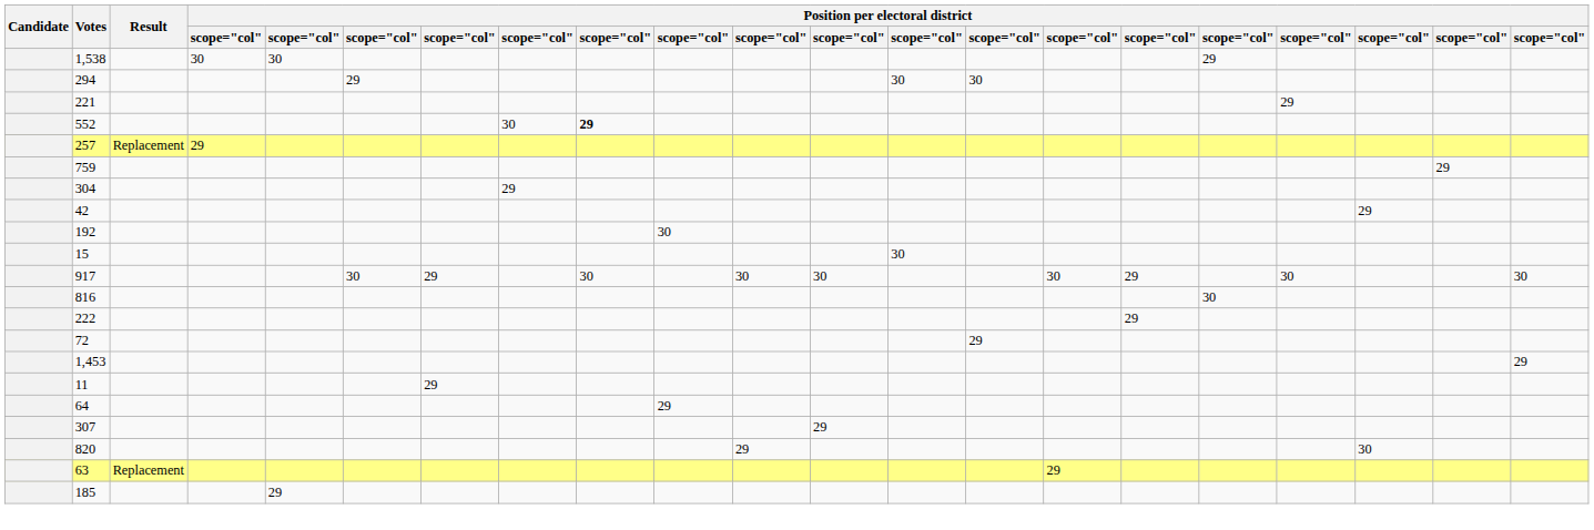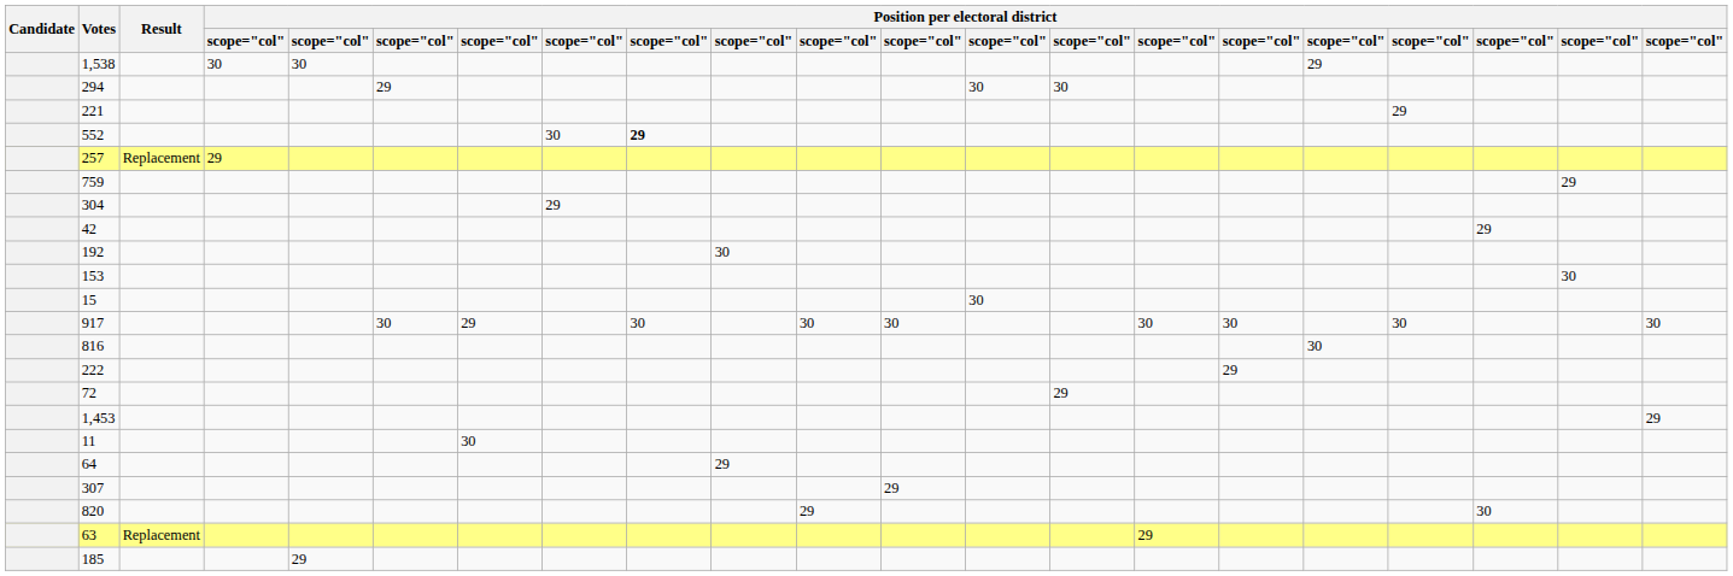 <table class="wikitable sortable defaultright col3left">
 <tr>
 <th scope="col" rowspan="2">Candidate</th>
 <th scope="col" rowspan="2">Votes</th>
 <th scope="col" rowspan="2">Result</th>
 <th scope="col" colspan="18">Position per electoral district</th>
 </tr>
 <tr>
 <th>scope="col" </th>
 <th>scope="col" </th>
 <th>scope="col" </th>
 <th>scope="col" </th>
 <th>scope="col" </th>
 <th>scope="col" </th>
 <th>scope="col" </th>
 <th>scope="col" </th>
 <th>scope="col" </th>
 <th>scope="col" </th>
 <th>scope="col" </th>
 <th>scope="col" </th>
 <th>scope="col" </th>
 <th>scope="col" </th>
 <th>scope="col" </th>
 <th>scope="col" </th>
 <th>scope="col" </th>
 <th>scope="col" </th>
 </tr>
 <tr>
 <th scope="row"></th>
 <td>1,538</td>
 <td></td>
 <td>30</td>
 <td>30</td>
 <td></td>
 <td></td>
 <td></td>
 <td></td>
 <td></td>
 <td></td>
 <td></td>
 <td></td>
 <td></td>
 <td></td>
 <td></td>
 <td>29</td>
 <td></td>
 <td></td>
 <td></td>
 <td></td>
 </tr>
 <tr>
 <th scope="row"></th>
 <td>294</td>
 <td></td>
 <td></td>
 <td></td>
 <td>29</td>
 <td></td>
 <td></td>
 <td></td>
 <td></td>
 <td></td>
 <td></td>
 <td>30</td>
 <td>30</td>
 <td></td>
 <td></td>
 <td></td>
 <td></td>
 <td></td>
 <td></td>
 <td></td>
 </tr>
 <tr>
 <th scope="row"></th>
 <td>221</td>
 <td></td>
 <td></td>
 <td></td>
 <td></td>
 <td></td>
 <td></td>
 <td></td>
 <td></td>
 <td></td>
 <td></td>
 <td></td>
 <td></td>
 <td></td>
 <td></td>
 <td></td>
 <td>29</td>
 <td></td>
 <td></td>
 <td></td>
 </tr>
 <tr>
 <th scope="row"></th>
 <td>552</td>
 <td></td>
 <td></td>
 <td></td>
 <td></td>
 <td></td>
 <td>30</td>
 <td><strong>29</strong></td>
 <td></td>
 <td></td>
 <td></td>
 <td></td>
 <td></td>
 <td></td>
 <td></td>
 <td></td>
 <td></td>
 <td></td>
 <td></td>
 <td></td>
 </tr>
 <tr bgcolor=#FF8>
 <th scope="row"></th>
 <td>257</td>
 <td>Replacement</td>
 <td>29</td>
 <td></td>
 <td></td>
 <td></td>
 <td></td>
 <td></td>
 <td></td>
 <td></td>
 <td></td>
 <td></td>
 <td></td>
 <td></td>
 <td></td>
 <td></td>
 <td></td>
 <td></td>
 <td></td>
 <td></td>
 </tr>
 <tr>
 <th scope="row"></th>
 <td>759</td>
 <td></td>
 <td></td>
 <td></td>
 <td></td>
 <td></td>
 <td></td>
 <td></td>
 <td></td>
 <td></td>
 <td></td>
 <td></td>
 <td></td>
 <td></td>
 <td></td>
 <td></td>
 <td></td>
 <td></td>
 <td>29</td>
 <td></td>
 </tr>
 <tr>
 <th scope="row"></th>
 <td>304</td>
 <td></td>
 <td></td>
 <td></td>
 <td></td>
 <td></td>
 <td>29</td>
 <td></td>
 <td></td>
 <td></td>
 <td></td>
 <td></td>
 <td></td>
 <td></td>
 <td></td>
 <td></td>
 <td></td>
 <td></td>
 <td></td>
 <td></td>
 </tr>
 <tr>
 <th scope="row"></th>
 <td>42</td>
 <td></td>
 <td></td>
 <td></td>
 <td></td>
 <td></td>
 <td></td>
 <td></td>
 <td></td>
 <td></td>
 <td></td>
 <td></td>
 <td></td>
 <td></td>
 <td></td>
 <td></td>
 <td></td>
 <td>29</td>
 <td></td>
 <td></td>
 </tr>
 <tr>
 <th scope="row"></th>
 <td>192</td>
 <td></td>
 <td></td>
 <td></td>
 <td></td>
 <td></td>
 <td></td>
 <td></td>
 <td>30</td>
 <td></td>
 <td></td>
 <td></td>
 <td></td>
 <td></td>
 <td></td>
 <td></td>
 <td></td>
 <td></td>
 <td></td>
 <td></td>
 </tr>
 <tr>
 <th scope="row"></th>
+<td>153</td>
+<td></td>
+<td></td>
+<td></td>
+<td></td>
+<td></td>
+<td></td>
+<td></td>
+<td></td>
+<td></td>
+<td></td>
+<td></td>
+<td></td>
+<td></td>
+<td></td>
+<td></td>
+<td></td>
+<td></td>
+<td>30</td>
+<td></td>
+</tr>
+<tr>
+<th scope="row"></th>
 <td>15</td>
 <td></td>
 <td></td>
 <td></td>
 <td></td>
 <td></td>
 <td></td>
 <td></td>
 <td></td>
 <td></td>
 <td></td>
 <td>30</td>
 <td></td>
 <td></td>
 <td></td>
 <td></td>
 <td></td>
 <td></td>
 <td></td>
 <td></td>
 </tr>
 <tr>
 <th scope="row"></th>
 <td>917</td>
 <td></td>
 <td></td>
 <td></td>
 <td>30</td>
 <td>29</td>
 <td></td>
 <td>30</td>
 <td></td>
 <td>30</td>
 <td>30</td>
 <td></td>
 <td></td>
 <td>30</td>
-<td>29</td>
+<td>30</td>
 <td></td>
 <td>30</td>
 <td></td>
 <td></td>
 <td>30</td>
 </tr>
 <tr>
 <th scope="row"></th>
 <td>816</td>
 <td></td>
 <td></td>
 <td></td>
 <td></td>
 <td></td>
 <td></td>
 <td></td>
 <td></td>
 <td></td>
 <td></td>
 <td></td>
 <td></td>
 <td></td>
 <td></td>
 <td>30</td>
 <td></td>
 <td></td>
 <td></td>
 <td></td>
 </tr>
 <tr>
 <th scope="row"></th>
 <td>222</td>
 <td></td>
 <td></td>
 <td></td>
 <td></td>
 <td></td>
 <td></td>
 <td></td>
 <td></td>
 <td></td>
 <td></td>
 <td></td>
 <td></td>
 <td></td>
 <td>29</td>
 <td></td>
 <td></td>
 <td></td>
 <td></td>
 <td></td>
 </tr>
 <tr>
 <th scope="row"></th>
 <td>72</td>
 <td></td>
 <td></td>
 <td></td>
 <td></td>
 <td></td>
 <td></td>
 <td></td>
 <td></td>
 <td></td>
 <td></td>
 <td></td>
 <td>29</td>
 <td></td>
 <td></td>
 <td></td>
 <td></td>
 <td></td>
 <td></td>
 <td></td>
 </tr>
 <tr>
 <th scope="row"></th>
 <td>1,453</td>
 <td></td>
 <td></td>
 <td></td>
 <td></td>
 <td></td>
 <td></td>
 <td></td>
 <td></td>
 <td></td>
 <td></td>
 <td></td>
 <td></td>
 <td></td>
 <td></td>
 <td></td>
 <td></td>
 <td></td>
 <td></td>
 <td>29</td>
 </tr>
 <tr>
 <th scope="row"></th>
 <td>11</td>
 <td></td>
 <td></td>
 <td></td>
 <td></td>
-<td>29</td>
+<td>30</td>
 <td></td>
 <td></td>
 <td></td>
 <td></td>
 <td></td>
 <td></td>
 <td></td>
 <td></td>
 <td></td>
 <td></td>
 <td></td>
 <td></td>
 <td></td>
 <td></td>
 </tr>
 <tr>
 <th scope="row"></th>
 <td>64</td>
 <td></td>
 <td></td>
 <td></td>
 <td></td>
 <td></td>
 <td></td>
 <td></td>
 <td>29</td>
 <td></td>
 <td></td>
 <td></td>
 <td></td>
 <td></td>
 <td></td>
 <td></td>
 <td></td>
 <td></td>
 <td></td>
 <td></td>
 </tr>
 <tr>
 <th scope="row"></th>
 <td>307</td>
 <td></td>
 <td></td>
 <td></td>
 <td></td>
 <td></td>
 <td></td>
 <td></td>
 <td></td>
 <td></td>
 <td>29</td>
 <td></td>
 <td></td>
 <td></td>
 <td></td>
 <td></td>
 <td></td>
 <td></td>
 <td></td>
 <td></td>
 </tr>
 <tr>
 <th scope="row"></th>
 <td>820</td>
 <td></td>
 <td></td>
 <td></td>
 <td></td>
 <td></td>
 <td></td>
 <td></td>
 <td></td>
 <td>29</td>
 <td></td>
 <td></td>
 <td></td>
 <td></td>
 <td></td>
 <td></td>
 <td></td>
 <td>30</td>
 <td></td>
 <td></td>
 </tr>
 <tr bgcolor=#FF8>
 <th scope="row"></th>
 <td>63</td>
 <td>Replacement</td>
 <td></td>
 <td></td>
 <td></td>
 <td></td>
 <td></td>
 <td></td>
 <td></td>
 <td></td>
 <td></td>
 <td></td>
 <td></td>
 <td>29</td>
 <td></td>
 <td></td>
 <td></td>
 <td></td>
 <td></td>
 <td></td>
 </tr>
 <tr>
 <th scope="row"></th>
 <td>185</td>
 <td></td>
 <td></td>
 <td>29</td>
 <td></td>
 <td></td>
 <td></td>
 <td></td>
 <td></td>
 <td></td>
 <td></td>
 <td></td>
 <td></td>
 <td></td>
 <td></td>
 <td></td>
 <td></td>
 <td></td>
 <td></td>
 <td></td>
 </tr>
 </table>
